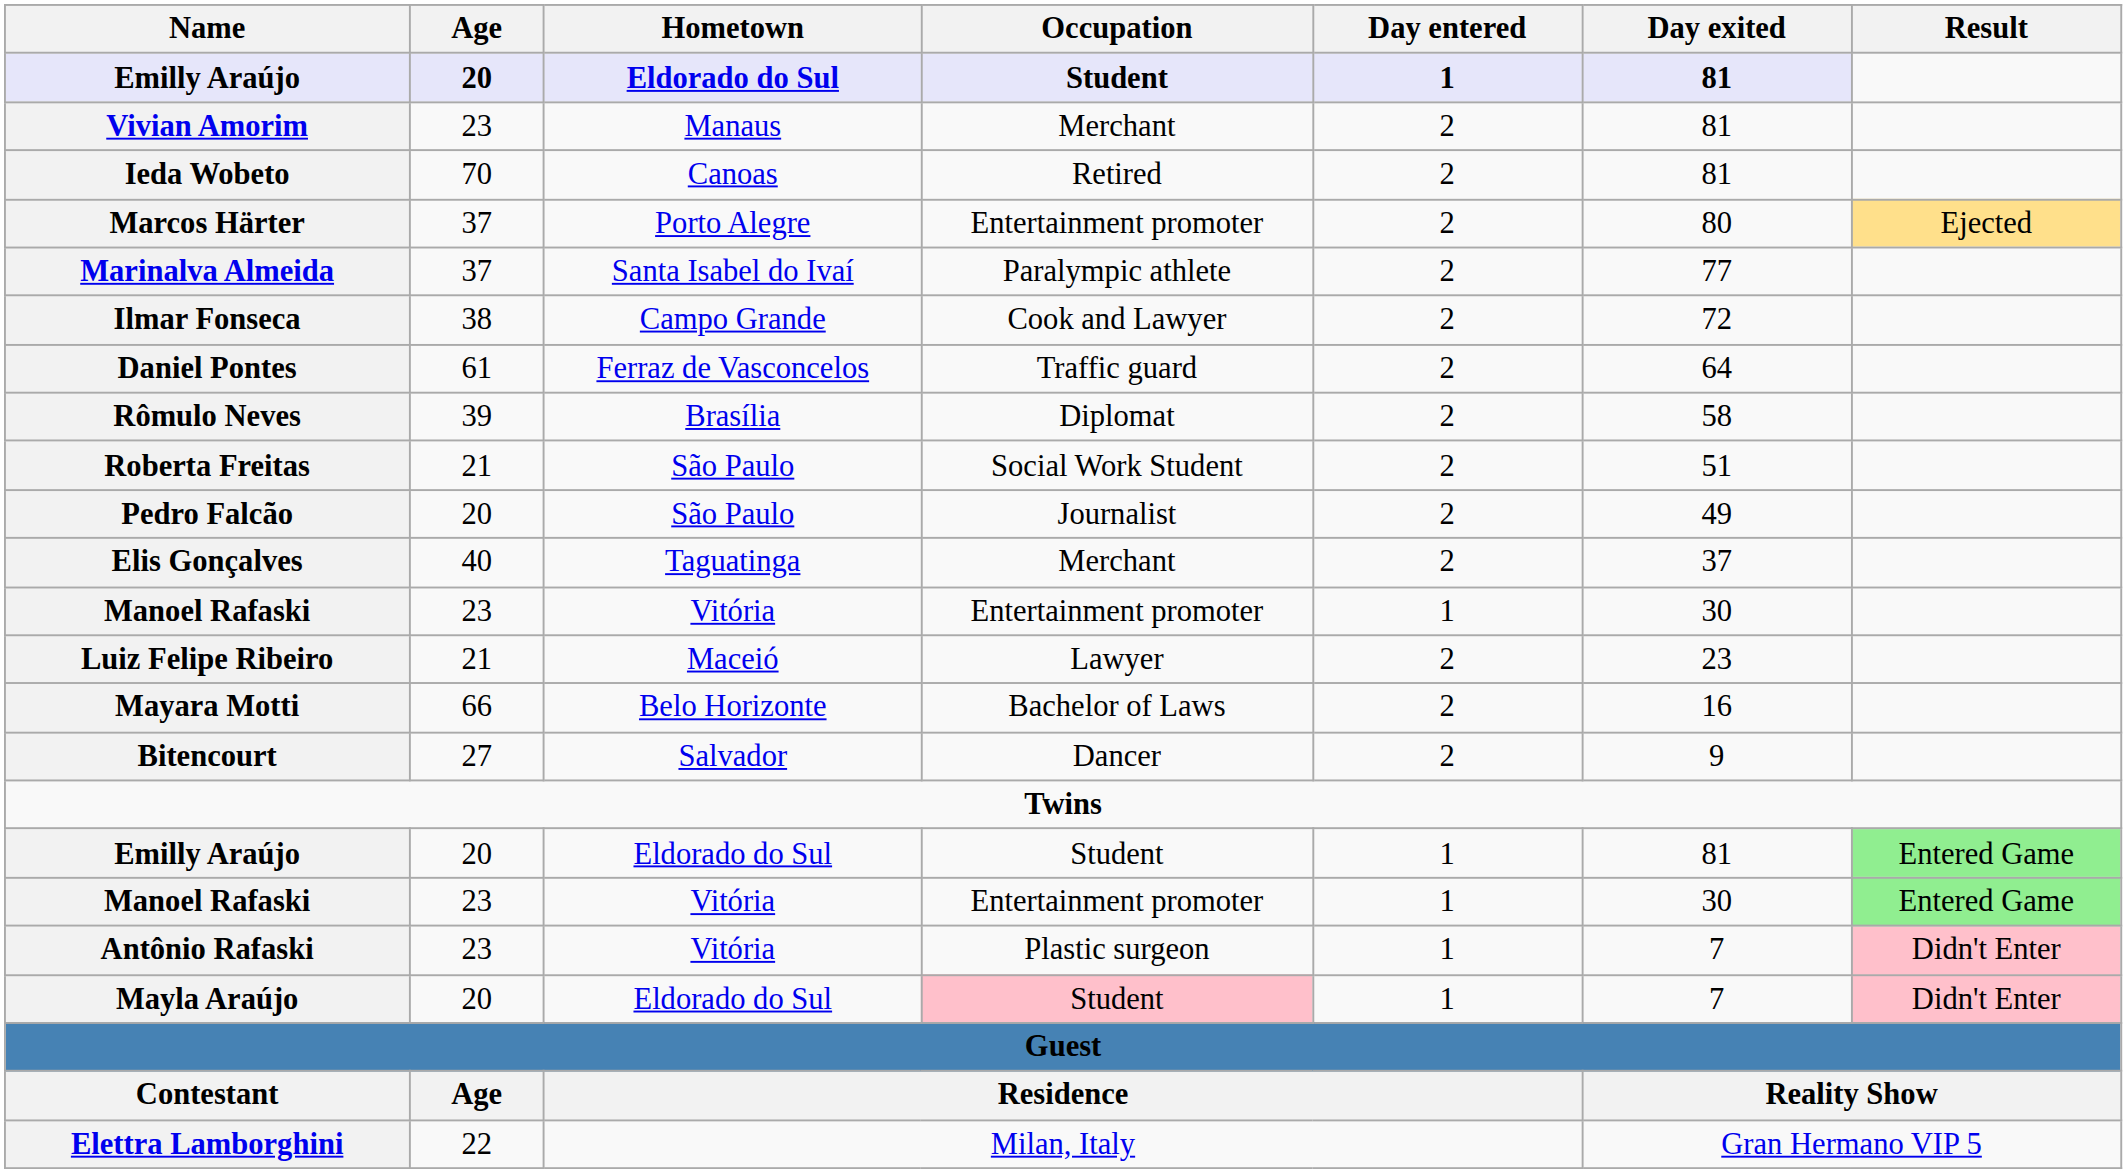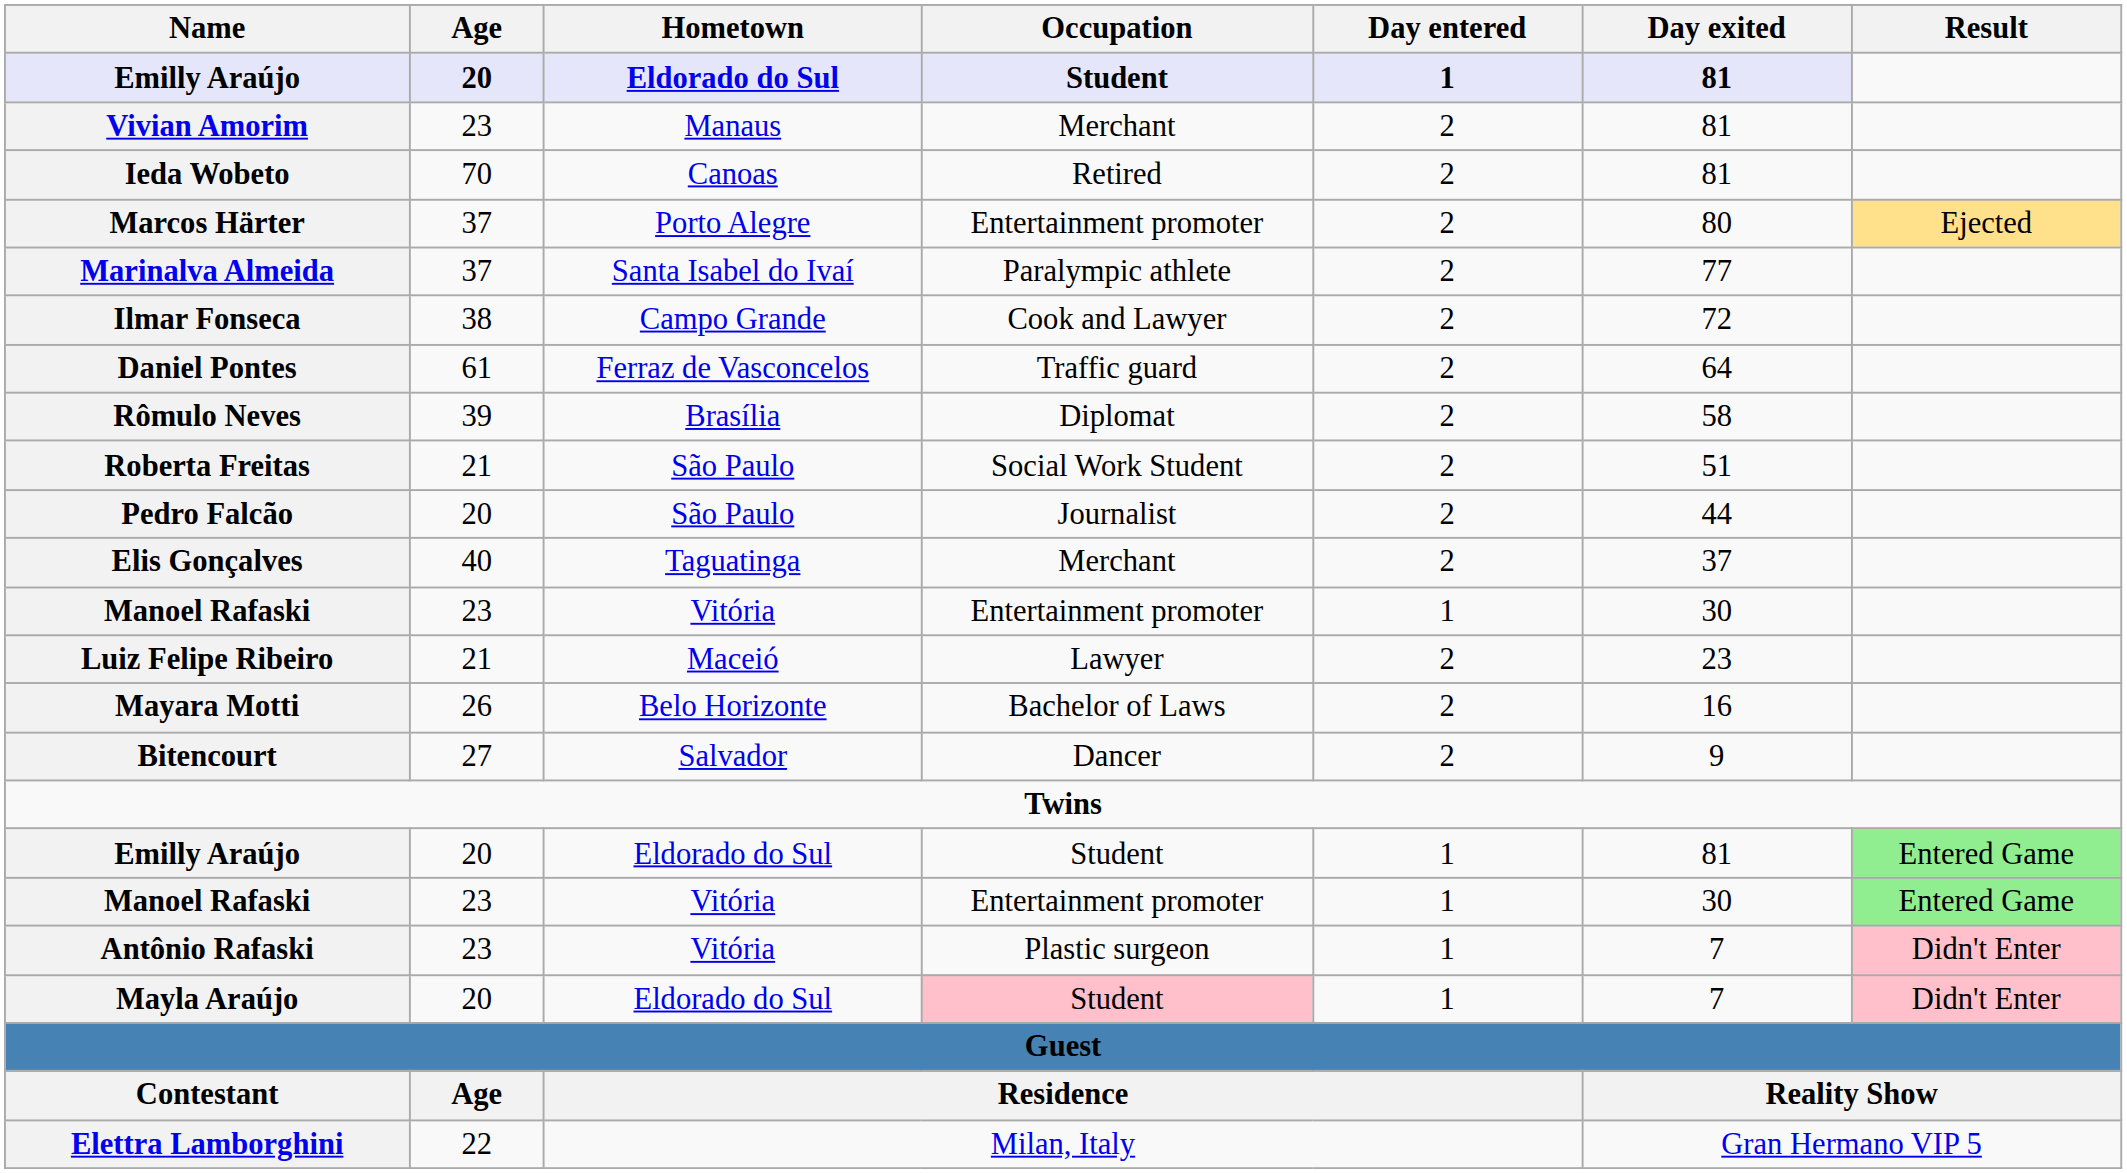 <table class="wikitable sortable" style="text-align:center;">
 <tr>
 <th scope="col" width="15.0%">Name</th>
 <th scope="col" width="05.0%">Age</th>
 <th scope="col" width="14.0%">Hometown</th>
 <th scope="col" width="14.5%">Occupation</th>
 <th scope="col" width="10.0%">Day entered</th>
 <th scope="col" width="10.0%">Day exited</th>
 <th scope="col" width="10.0%">Result</th>
 </tr>
 <tr>
 <td bgcolor="E6E6FA"><strong>Emilly Araújo</strong></td>
 <td bgcolor="E6E6FA"><strong>20</strong></td>
 <td bgcolor="E6E6FA"><strong><a href='#'>Eldorado do Sul</a></strong></td>
 <td bgcolor="E6E6FA"><strong>Student</strong></td>
 <td bgcolor="E6E6FA"><strong>1</strong></td>
 <td bgcolor="E6E6FA"><strong>81</strong></td>
 <td></td>
 </tr>
 <tr>
 <th><a href='#'>Vivian Amorim</a></th>
 <td>23</td>
 <td><a href='#'>Manaus</a></td>
 <td>Merchant</td>
 <td>2</td>
 <td>81</td>
 <td></td>
 </tr>
 <tr>
 <th>Ieda Wobeto</th>
 <td>70</td>
 <td><a href='#'>Canoas</a></td>
 <td>Retired</td>
 <td>2</td>
 <td>81</td>
 <td></td>
 </tr>
 <tr>
 <th>Marcos Härter</th>
 <td>37</td>
 <td><a href='#'>Porto Alegre</a></td>
 <td>Entertainment promoter</td>
 <td>2</td>
 <td>80</td>
 <td bgcolor=FFE08B>Ejected</td>
 </tr>
 <tr>
 <th><a href='#'>Marinalva Almeida</a></th>
 <td>37</td>
 <td><a href='#'>Santa Isabel do Ivaí</a></td>
 <td>Paralympic athlete</td>
 <td>2</td>
 <td>77</td>
 <td></td>
 </tr>
 <tr>
 <th>Ilmar Fonseca</th>
 <td>38</td>
 <td><a href='#'>Campo Grande</a></td>
 <td>Cook and Lawyer</td>
 <td>2</td>
 <td>72</td>
 <td></td>
 </tr>
 <tr>
 <th>Daniel Pontes</th>
 <td>61</td>
 <td><a href='#'>Ferraz de Vasconcelos</a></td>
 <td>Traffic guard</td>
 <td>2</td>
 <td>64</td>
 <td></td>
 </tr>
 <tr>
 <th>Rômulo Neves</th>
 <td>39</td>
 <td><a href='#'>Brasília</a></td>
 <td>Diplomat</td>
 <td>2</td>
 <td>58</td>
 <td></td>
 </tr>
 <tr>
 <th>Roberta Freitas</th>
 <td>21</td>
 <td><a href='#'>São Paulo</a></td>
 <td>Social Work Student</td>
 <td>2</td>
 <td>51</td>
 <td></td>
 </tr>
 <tr>
 <th>Pedro Falcão</th>
 <td>20</td>
 <td><a href='#'>São Paulo</a></td>
 <td>Journalist</td>
 <td>2</td>
-<td>49</td>
+<td>44</td>
 <td></td>
 </tr>
 <tr>
 <th>Elis Gonçalves</th>
 <td>40</td>
 <td><a href='#'>Taguatinga</a></td>
 <td>Merchant</td>
 <td>2</td>
 <td>37</td>
 <td></td>
 </tr>
 <tr>
 <th>Manoel Rafaski</th>
 <td>23</td>
 <td><a href='#'>Vitória</a></td>
 <td>Entertainment promoter</td>
 <td>1</td>
 <td>30</td>
 <td></td>
 </tr>
 <tr>
 <th>Luiz Felipe Ribeiro</th>
 <td>21</td>
 <td><a href='#'>Maceió</a></td>
 <td>Lawyer</td>
 <td>2</td>
 <td>23</td>
 <td></td>
 </tr>
 <tr>
 <th>Mayara Motti</th>
-<td>66</td>
+<td>26</td>
 <td><a href='#'>Belo Horizonte</a></td>
 <td>Bachelor of Laws</td>
 <td>2</td>
 <td>16</td>
 <td></td>
 </tr>
 <tr>
 <th> Bitencourt</th>
 <td>27</td>
 <td><a href='#'>Salvador</a></td>
 <td>Dancer</td>
 <td>2</td>
 <td>9</td>
 <td></td>
 </tr>
 <tr>
 <td colspan="7" align=center><strong>Twins</strong></td>
 </tr>
 <tr>
 <th>Emilly Araújo</th>
 <td>20</td>
 <td><a href='#'>Eldorado do Sul</a></td>
 <td>Student</td>
 <td>1</td>
 <td>81</td>
 <td style="background:#90EE90;">Entered Game</td>
 </tr>
 <tr>
 <th>Manoel Rafaski</th>
 <td>23</td>
 <td><a href='#'>Vitória</a></td>
 <td>Entertainment promoter</td>
 <td>1</td>
 <td>30</td>
 <td style="background:#90EE90;">Entered Game</td>
 </tr>
 <tr>
 <th>Antônio Rafaski</th>
 <td>23</td>
 <td><a href='#'>Vitória</a></td>
 <td>Plastic surgeon</td>
 <td>1</td>
 <td>7</td>
 <td style="background:#FFC0CB;">Didn't Enter</td>
 </tr>
 <tr>
 <th>Mayla Araújo</th>
 <td>20</td>
 <td><a href='#'>Eldorado do Sul</a></td>
 <td style="background: pink;">Student</td>
 <td>1</td>
 <td>7</td>
 <td style="background:#FFC0CB;">Didn't Enter</td>
 </tr>
 <tr>
 <td colspan="7" style="text-align:center" bgcolor="#4682B4"><span><strong>Guest</strong></span></td>
 </tr>
 <tr>
 <th>Contestant</th>
 <th>Age</th>
 <th colspan=3>Residence</th>
 <th colspan=2>Reality Show</th>
 </tr>
 <tr>
 <th><a href='#'>Elettra Lamborghini</a></th>
 <td>22</td>
 <td colspan=3><a href='#'>Milan, Italy</a></td>
 <td colspan=2><a href='#'>Gran Hermano VIP 5</a></td>
 </tr>
 </table>
